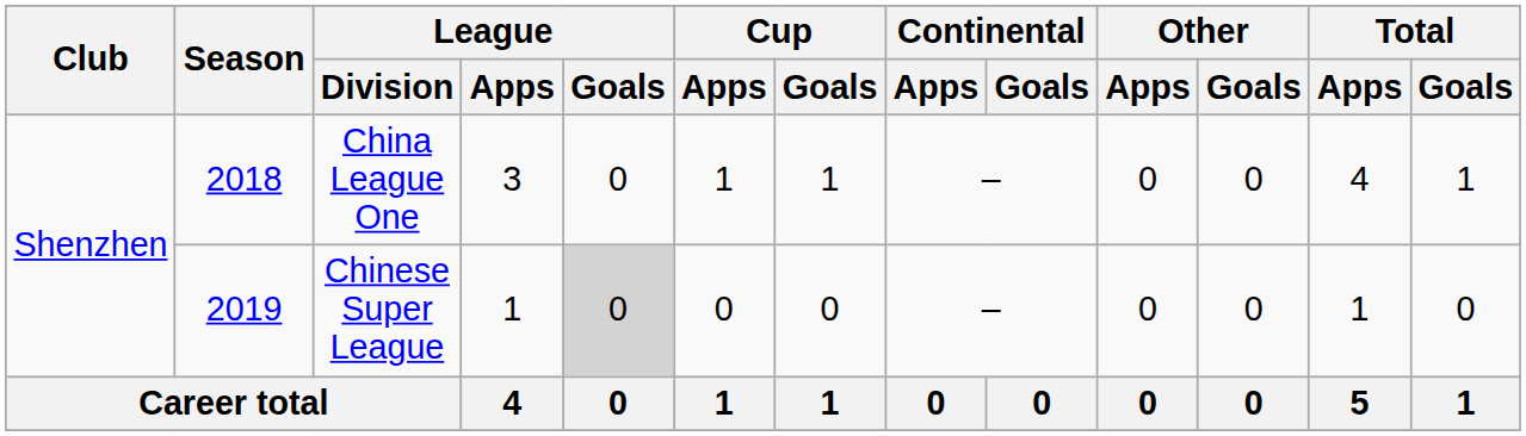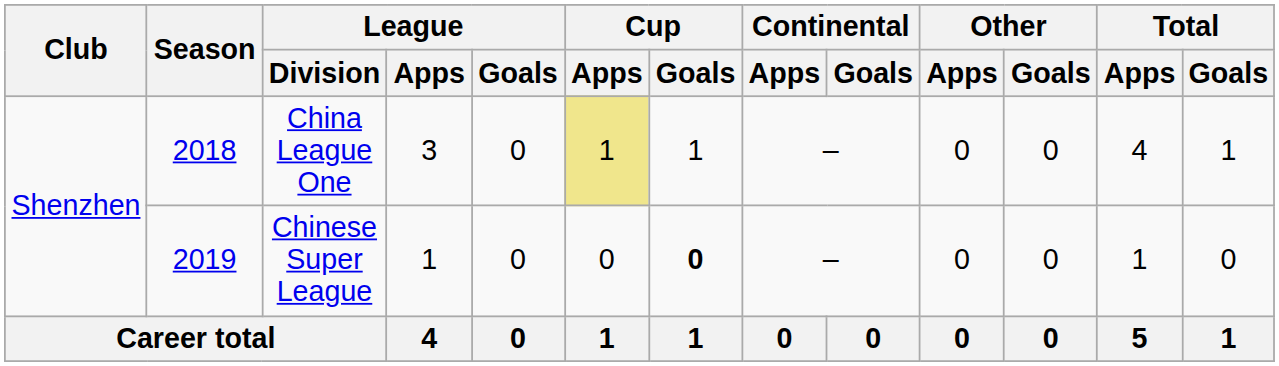 <table class="wikitable" style="text-align: center">
 <tr>
 <th rowspan="2">Club</th>
 <th rowspan="2">Season</th>
 <th colspan="3">League</th>
 <th colspan="2">Cup</th>
 <th colspan="2">Continental</th>
 <th colspan="2">Other</th>
 <th colspan="2">Total</th>
 </tr>
 <tr>
 <th>Division</th>
 <th>Apps</th>
 <th>Goals</th>
 <th>Apps</th>
 <th>Goals</th>
 <th>Apps</th>
 <th>Goals</th>
 <th>Apps</th>
 <th>Goals</th>
 <th>Apps</th>
 <th>Goals</th>
 </tr>
 <tr>
 <td rowspan="2"><a href='#'>Shenzhen</a></td>
 <td><a href='#'>2018</a></td>
 <td><a href='#'>China League One</a></td>
 <td>3</td>
 <td>0</td>
-<td>1</td>
+<td style="background: khaki;">1</td>
 <td>1</td>
 <td colspan="2">–</td>
 <td>0</td>
 <td>0</td>
 <td>4</td>
 <td>1</td>
 </tr>
 <tr>
 <td><a href='#'>2019</a></td>
 <td><a href='#'>Chinese Super League</a></td>
 <td>1</td>
-<td style="background: lightgrey;">0</td>
 <td>0</td>
 <td>0</td>
+<td><strong>0</strong></td>
 <td colspan="2">–</td>
 <td>0</td>
 <td>0</td>
 <td>1</td>
 <td>0</td>
 </tr>
 <tr>
 <th colspan=3>Career total</th>
 <th>4</th>
 <th>0</th>
 <th>1</th>
 <th>1</th>
 <th>0</th>
 <th>0</th>
 <th>0</th>
 <th>0</th>
 <th>5</th>
 <th>1</th>
 </tr>
 </table>
